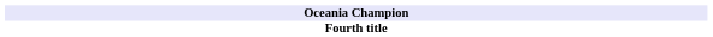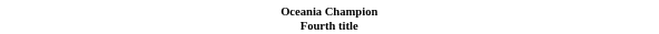 <table cellspacing=0 width=100% style="text-align:center; font-weight:bold;">
 <tr>
 <td></td>
 </tr>
 <tr>
-<td style="background: lavender;">Oceania Champion</td>
+<td>Oceania Champion</td>
 </tr>
 <tr>
 <td>Fourth title</td>
 </tr>
 </table>
